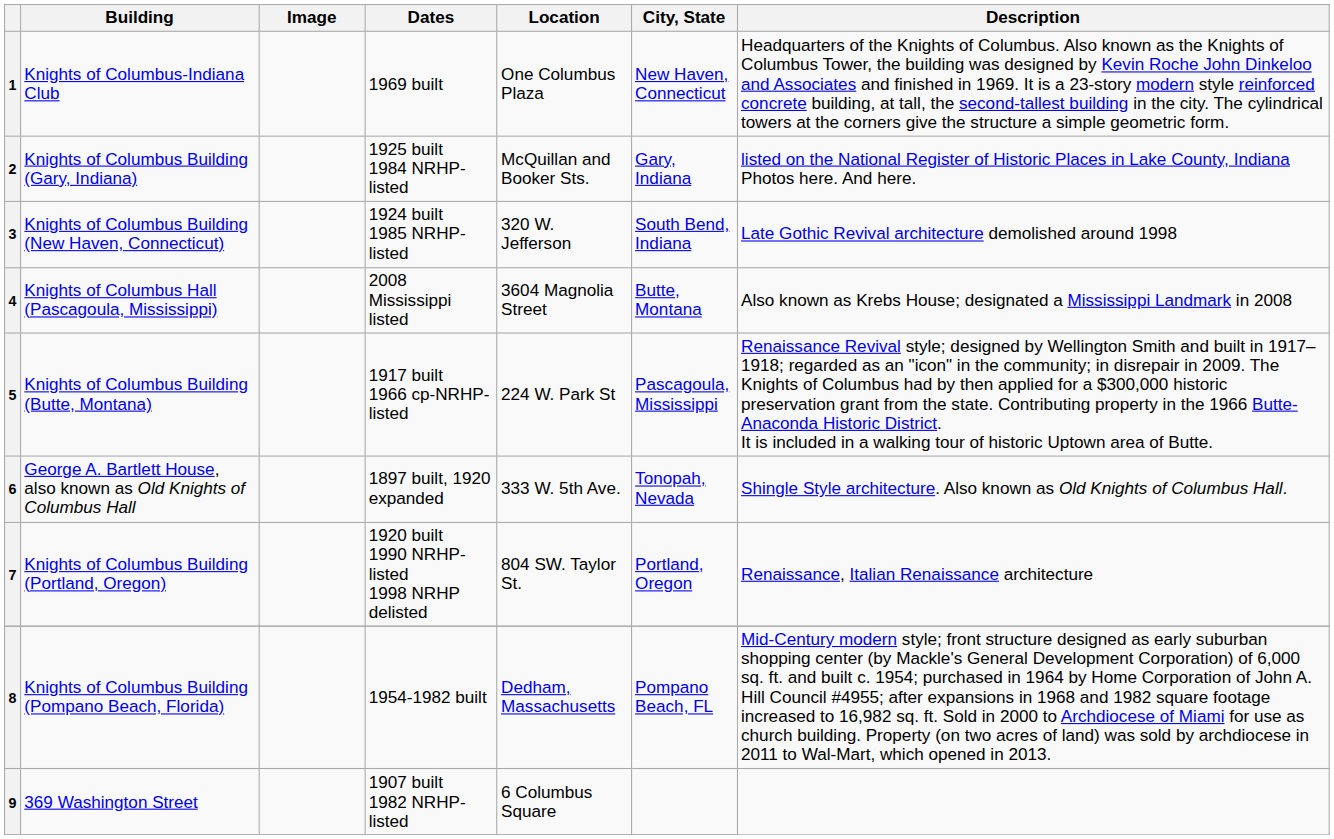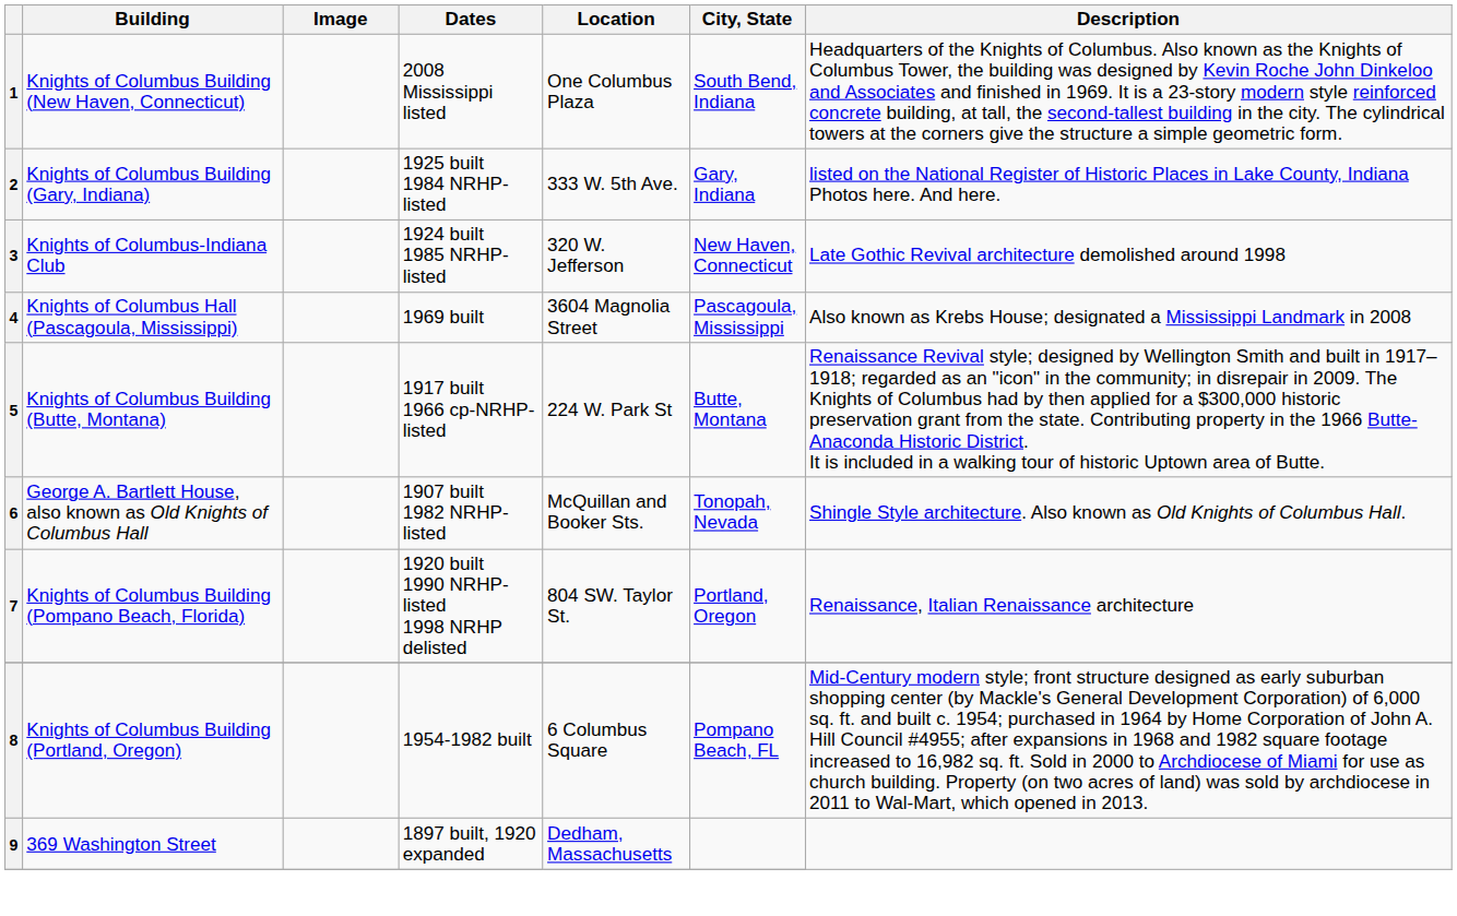 <table class="wikitable sortable" style="width:98%">
 <tr>
 <th></th>
 <th width = 18%><strong>Building</strong></th>
 <th width = 8% class="unsortable"><strong>Image</strong></th>
 <th width = 10%><strong>Dates</strong></th>
 <th><strong>Location</strong></th>
 <th width = 8%><strong>City, State</strong></th>
 <th class="unsortable"><strong>Description</strong></th>
 </tr>
 <tr ->
 <th><small>1</small></th>
-<td><a href='#'>Knights of Columbus-Indiana Club</a></td>
+<td><a href='#'>Knights of Columbus Building (New Haven, Connecticut)</a></td>
 <td></td>
-<td>1969 built</td>
+<td>2008 Mississippi listed</td>
 <td>One Columbus Plaza<br><small></small></td>
-<td><a href='#'>New Haven, Connecticut</a></td>
+<td><a href='#'>South Bend, Indiana</a></td>
 <td>Headquarters of the Knights of Columbus. Also known as the Knights of Columbus Tower, the building was designed by <a href='#'>Kevin Roche John Dinkeloo and Associates</a> and finished in 1969. It is a 23-story <a href='#'>modern</a> style <a href='#'>reinforced concrete</a> building, at  tall, the <a href='#'>second-tallest building</a> in the city. The cylindrical towers at the corners give the structure a simple geometric form.</td>
 </tr>
 <tr ->
 <th><small>2</small></th>
 <td><a href='#'>Knights of Columbus Building (Gary, Indiana)</a></td>
 <td></td>
 <td>1925 built<br>1984 NRHP-listed</td>
-<td>McQuillan and Booker Sts.<br><small></small></td>
+<td>333 W. 5th Ave.<br><small></small></td>
 <td><a href='#'>Gary, Indiana</a></td>
 <td><a href='#'>listed on the National Register of Historic Places in Lake County, Indiana</a> Photos here. And here.</td>
 </tr>
 <tr ->
 <th><small>3</small></th>
-<td><a href='#'>Knights of Columbus Building (New Haven, Connecticut)</a></td>
+<td><a href='#'>Knights of Columbus-Indiana Club</a></td>
 <td></td>
 <td>1924 built<br>1985 NRHP-listed</td>
 <td>320 W. Jefferson<br><small></small></td>
-<td><a href='#'>South Bend, Indiana</a></td>
+<td><a href='#'>New Haven, Connecticut</a></td>
 <td><a href='#'>Late Gothic Revival architecture</a> demolished around 1998</td>
 </tr>
 <tr ->
 <th><small>4</small></th>
 <td><a href='#'>Knights of Columbus Hall (Pascagoula, Mississippi)</a></td>
 <td></td>
-<td>2008 Mississippi listed</td>
+<td>1969 built</td>
 <td>3604 Magnolia Street<br><small></small></td>
-<td><a href='#'>Butte, Montana</a></td>
+<td><a href='#'>Pascagoula, Mississippi</a></td>
 <td>Also known as Krebs House; designated a <a href='#'>Mississippi Landmark</a> in 2008</td>
 </tr>
 <tr ->
 <th><small>5</small></th>
 <td><a href='#'>Knights of Columbus Building (Butte, Montana)</a></td>
 <td></td>
 <td>1917 built<br>1966 cp-NRHP-listed</td>
 <td>224 W. Park St<br><small></small></td>
-<td><a href='#'>Pascagoula, Mississippi</a></td>
+<td><a href='#'>Butte, Montana</a></td>
 <td><a href='#'>Renaissance Revival</a> style; designed by Wellington Smith and built in 1917–1918; regarded as an "icon" in the community; in disrepair in 2009. The Knights of Columbus had by then applied for a $300,000 historic preservation grant from the state. Contributing property in the 1966 <a href='#'>Butte-Anaconda Historic District</a>.<br>It is included in a walking tour of historic Uptown area of Butte.</td>
 </tr>
 <tr ->
 <th><small>6</small></th>
 <td><a href='#'>George A. Bartlett House</a>, also known as <em>Old Knights of Columbus Hall</em></td>
 <td></td>
-<td>1897 built, 1920 expanded</td>
-<td>333 W. 5th Ave.<br><small></small></td>
+<td>1907 built<br>1982 NRHP-listed</td>
+<td>McQuillan and Booker Sts.<br><small></small></td>
 <td><a href='#'>Tonopah, Nevada</a></td>
 <td><a href='#'>Shingle Style architecture</a>. Also known as <em>Old Knights of Columbus Hall</em>.</td>
 </tr>
 <tr ->
 <th><small>7</small></th>
-<td><a href='#'>Knights of Columbus Building (Portland, Oregon)</a></td>
+<td><a href='#'>Knights of Columbus Building (Pompano Beach, Florida)</a></td>
 <td></td>
 <td>1920 built<br>1990 NRHP-listed<br>1998 NRHP delisted</td>
 <td>804 SW. Taylor St.<br><small></small></td>
 <td><a href='#'>Portland, Oregon</a></td>
 <td><a href='#'>Renaissance</a>, <a href='#'>Italian Renaissance</a> architecture</td>
 </tr>
 <tr ->
 </tr>
 <tr ->
 <th><small>8</small></th>
-<td><a href='#'>Knights of Columbus Building (Pompano Beach, Florida)</a></td>
+<td><a href='#'>Knights of Columbus Building (Portland, Oregon)</a></td>
 <td></td>
 <td>1954-1982 built<br></td>
-<td><a href='#'>Dedham, Massachusetts</a></td>
+<td>6 Columbus Square<br><small></small></td>
 <td><a href='#'>Pompano Beach, FL</a></td>
 <td><a href='#'>Mid-Century modern</a> style; front structure designed as early suburban shopping center (by Mackle's General Development Corporation) of 6,000 sq. ft. and built c. 1954; purchased in 1964 by Home Corporation of John A. Hill Council #4955; after expansions in 1968 and 1982 square footage increased to 16,982 sq. ft. Sold in 2000 to <a href='#'>Archdiocese of Miami</a> for use as church building. Property (on two acres of land) was sold by archdiocese in 2011 to Wal-Mart, which opened in 2013.</td>
 </tr>
 <tr ->
 <th><small>9</small></th>
 <td><a href='#'>369 Washington Street</a></td>
 <td></td>
-<td>1907 built<br>1982 NRHP-listed</td>
-<td>6 Columbus Square<br><small></small></td>
+<td>1897 built, 1920 expanded</td>
+<td><a href='#'>Dedham, Massachusetts</a></td>
 <td></td>
 </tr>
 <tr ->
 </tr>
 </table>
